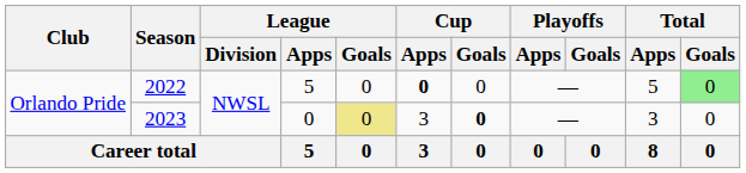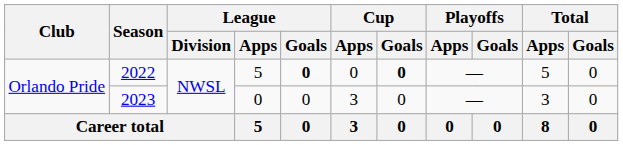 <table class="wikitable" style="text-align: center;">
 <tr>
 <th rowspan="2">Club</th>
 <th rowspan="2">Season</th>
 <th colspan="3">League</th>
 <th colspan="2">Cup</th>
 <th colspan="2">Playoffs</th>
 <th colspan="2">Total</th>
 </tr>
 <tr>
 <th>Division</th>
 <th>Apps</th>
 <th>Goals</th>
 <th>Apps</th>
 <th>Goals</th>
 <th>Apps</th>
 <th>Goals</th>
 <th>Apps</th>
 <th>Goals</th>
 </tr>
 <tr>
 <td rowspan="2"><a href='#'>Orlando Pride</a></td>
 <td><a href='#'>2022</a></td>
 <td rowspan="2"><a href='#'>NWSL</a></td>
 <td>5</td>
+<td><strong>0</strong></td>
 <td>0</td>
 <td><strong>0</strong></td>
-<td>0</td>
 <td colspan="2">—</td>
 <td>5</td>
-<td style="background: lightgreen;">0</td>
+<td>0</td>
 </tr>
 <tr>
 <td><a href='#'>2023</a></td>
 <td>0</td>
-<td style="background: khaki;">0</td>
+<td>0</td>
 <td>3</td>
-<td><strong>0</strong></td>
+<td>0</td>
 <td colspan="2">—</td>
 <td>3</td>
 <td>0</td>
 </tr>
 <tr>
 <th colspan="3">Career total</th>
 <th>5</th>
 <th>0</th>
 <th>3</th>
 <th>0</th>
 <th>0</th>
 <th>0</th>
 <th>8</th>
 <th>0</th>
 </tr>
 </table>
